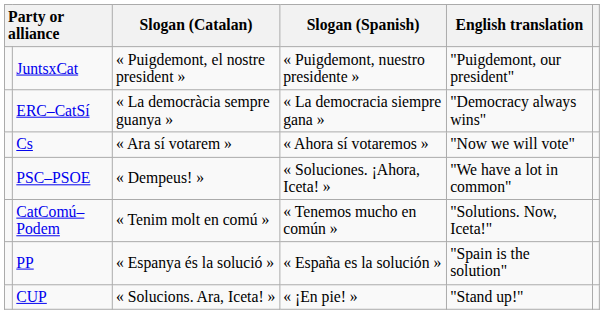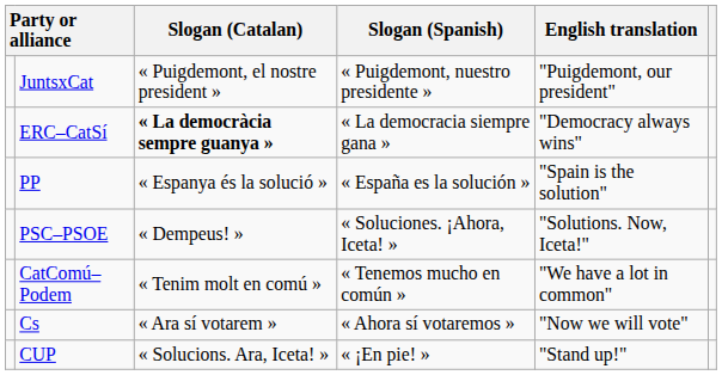 <table class="wikitable" style="text-align:left;">
 <tr>
 <th style="text-align:left;" colspan="2">Party or alliance</th>
 <th>Slogan (Catalan)</th>
 <th>Slogan (Spanish)</th>
 <th>English translation</th>
 <th></th>
 </tr>
 <tr>
 <td width="1" style="color:inherit;background:"></td>
 <td><a href='#'>JuntsxCat</a></td>
 <td>« Puigdemont, el nostre president »</td>
 <td>« Puigdemont, nuestro presidente »</td>
 <td>"Puigdemont, our president"</td>
 <td></td>
 </tr>
 <tr>
 <td style="color:inherit;background:"></td>
 <td><a href='#'>ERC–CatSí</a></td>
-<td>« La democràcia sempre guanya »</td>
+<td><strong>« La democràcia sempre guanya »</strong></td>
 <td>« La democracia siempre gana »</td>
 <td>"Democracy always wins"</td>
+<td></td>
+</tr>
+<tr>
+<td style="color:inherit;background:"></td>
+<td><a href='#'>PP</a></td>
+<td>« Espanya és la solució »</td>
+<td>« España es la solución »</td>
+<td>"Spain is the solution"</td>
+<td></td>
+</tr>
+<tr>
+<td style="color:inherit;background:"></td>
+<td><a href='#'>PSC–PSOE</a></td>
+<td>« Dempeus! »</td>
+<td>« Soluciones. ¡Ahora, Iceta! »</td>
+<td>"Solutions. Now, Iceta!"</td>
+<td></td>
+</tr>
+<tr>
+<td style="color:inherit;background:"></td>
+<td><a href='#'>CatComú–Podem</a></td>
+<td>« Tenim molt en comú »</td>
+<td>« Tenemos mucho en común »</td>
+<td>"We have a lot in common"</td>
 <td></td>
 </tr>
 <tr>
 <td style="color:inherit;background:"></td>
 <td><a href='#'>Cs</a></td>
 <td>« Ara sí votarem »</td>
 <td>« Ahora sí votaremos »</td>
 <td>"Now we will vote"</td>
 <td></td>
 </tr>
 <tr>
 <td style="color:inherit;background:"></td>
-<td><a href='#'>PSC–PSOE</a></td>
-<td>« Dempeus! »</td>
-<td>« Soluciones. ¡Ahora, Iceta! »</td>
-<td>"We have a lot in common"</td>
-<td></td>
-</tr>
-<tr>
-<td style="color:inherit;background:"></td>
-<td><a href='#'>CatComú–Podem</a></td>
-<td>« Tenim molt en comú »</td>
-<td>« Tenemos mucho en común »</td>
-<td>"Solutions. Now, Iceta!"</td>
-<td></td>
-</tr>
-<tr>
-<td style="color:inherit;background:"></td>
-<td><a href='#'>PP</a></td>
-<td>« Espanya és la solució »</td>
-<td>« España es la solución »</td>
-<td>"Spain is the solution"</td>
-<td></td>
-</tr>
-<tr>
-<td style="color:inherit;background:"></td>
 <td><a href='#'>CUP</a></td>
 <td>« Solucions. Ara, Iceta! »</td>
 <td>« ¡En pie! »</td>
 <td>"Stand up!"</td>
 <td></td>
 </tr>
 </table>
